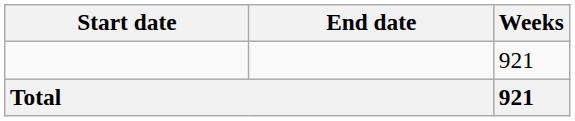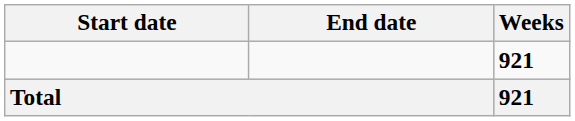 <table class="sortable wikitable">
 <tr>
 <th width=160>Start date</th>
 <th width=160>End date</th>
 <th>Weeks</th>
 </tr>
 <tr>
 <td></td>
 <td></td>
-<td>921</td>
+<td><strong>921</strong></td>
 </tr>
 <tr>
 <th colspan=2 style="text-align:left;">Total</th>
 <th style="text-align:left;">921</th>
 </tr>
 </table>
